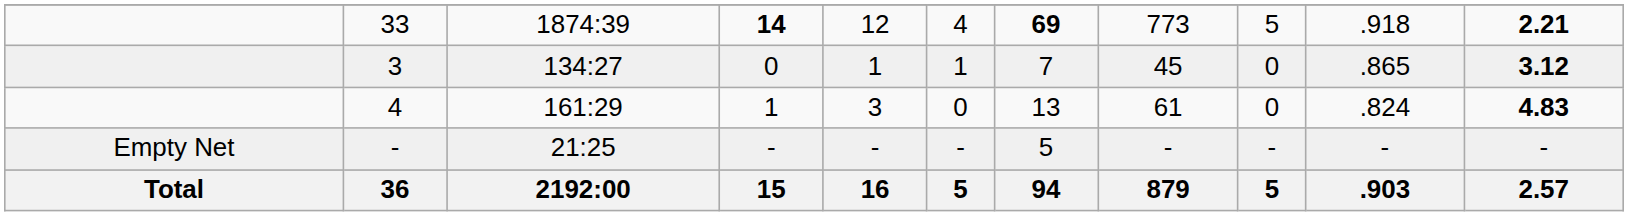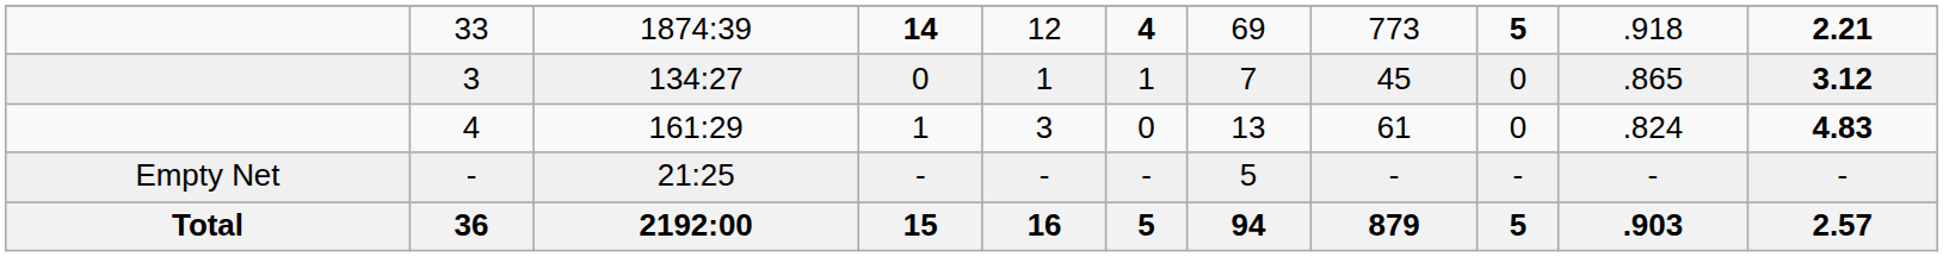 <table class="wikitable sortable" width ="1000">
 <tr align="center">
 </tr>
 <tr align="center" bgcolor="">
 <td></td>
 <td>33</td>
 <td>1874:39</td>
 <td><strong>14</strong></td>
 <td>12</td>
-<td>4</td>
-<td><strong>69</strong></td>
+<td><strong>4</strong></td>
+<td>69</td>
 <td>773</td>
-<td>5</td>
+<td><strong>5</strong></td>
 <td>.918</td>
 <td><strong>2.21</strong></td>
 </tr>
 <tr align="center" bgcolor="f0f0f0">
 <td></td>
 <td>3</td>
 <td>134:27</td>
 <td>0</td>
 <td>1</td>
 <td>1</td>
 <td>7</td>
 <td>45</td>
 <td>0</td>
 <td>.865</td>
 <td><strong>3.12</strong></td>
 </tr>
 <tr align="center" bgcolor="">
 <td></td>
 <td>4</td>
 <td>161:29</td>
 <td>1</td>
 <td>3</td>
 <td>0</td>
 <td>13</td>
 <td>61</td>
 <td>0</td>
 <td>.824</td>
 <td><strong>4.83</strong></td>
 </tr>
 <tr align="center" bgcolor="f0f0f0">
 <td>Empty Net</td>
 <td>-</td>
 <td>21:25</td>
 <td>-</td>
 <td>-</td>
 <td>-</td>
 <td>5</td>
 <td>-</td>
 <td>-</td>
 <td>-</td>
 <td>-</td>
 </tr>
 <tr>
 <th>Total</th>
 <th>36</th>
 <th>2192:00</th>
 <th>15</th>
 <th>16</th>
 <th>5</th>
 <th>94</th>
 <th>879</th>
 <th>5</th>
 <th>.903</th>
 <th>2.57</th>
 </tr>
 </table>
